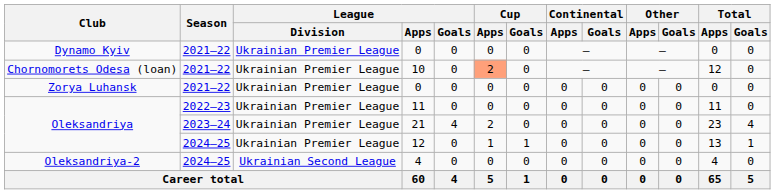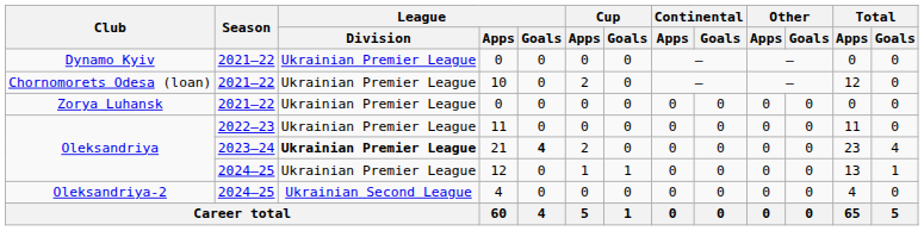 <table class="wikitable" style="text-align:center">
 <tr>
 <th rowspan="2">Club</th>
 <th rowspan="2">Season</th>
 <th colspan="3">League</th>
 <th colspan="2">Cup</th>
 <th colspan="2">Continental</th>
 <th colspan="2">Other</th>
 <th colspan="2">Total</th>
 </tr>
 <tr>
 <th>Division</th>
 <th>Apps</th>
 <th>Goals</th>
 <th>Apps</th>
 <th>Goals</th>
 <th>Apps</th>
 <th>Goals</th>
 <th>Apps</th>
 <th>Goals</th>
 <th>Apps</th>
 <th>Goals</th>
 </tr>
 <tr>
 <td><a href='#'>Dynamo Kyiv</a></td>
 <td><a href='#'>2021–22</a></td>
 <td><a href='#'>Ukrainian Premier League</a></td>
 <td>0</td>
 <td>0</td>
 <td>0</td>
 <td>0</td>
 <td colspan="2">—</td>
 <td colspan="2">—</td>
 <td>0</td>
 <td>0</td>
 </tr>
 <tr>
 <td><a href='#'>Chornomorets Odesa</a> (loan)</td>
 <td><a href='#'>2021–22</a></td>
 <td>Ukrainian Premier League</td>
 <td>10</td>
 <td>0</td>
-<td style="background: lightsalmon;">2</td>
+<td>2</td>
 <td>0</td>
 <td colspan="2">—</td>
 <td colspan="2">—</td>
 <td>12</td>
 <td>0</td>
 </tr>
 <tr>
 <td><a href='#'>Zorya Luhansk</a></td>
 <td><a href='#'>2021–22</a></td>
 <td>Ukrainian Premier League</td>
 <td>0</td>
 <td>0</td>
 <td>0</td>
 <td>0</td>
 <td>0</td>
 <td>0</td>
 <td>0</td>
 <td>0</td>
 <td>0</td>
 <td>0</td>
 </tr>
 <tr>
 <td rowspan="3"><a href='#'>Oleksandriya</a></td>
 <td><a href='#'>2022–23</a></td>
 <td>Ukrainian Premier League</td>
 <td>11</td>
 <td>0</td>
 <td>0</td>
 <td>0</td>
 <td>0</td>
 <td>0</td>
 <td>0</td>
 <td>0</td>
 <td>11</td>
 <td>0</td>
 </tr>
 <tr>
 <td><a href='#'>2023–24</a></td>
-<td>Ukrainian Premier League</td>
+<td><strong>Ukrainian Premier League</strong></td>
 <td>21</td>
-<td>4</td>
+<td><strong>4</strong></td>
 <td>2</td>
 <td>0</td>
 <td>0</td>
 <td>0</td>
 <td>0</td>
 <td>0</td>
 <td>23</td>
 <td>4</td>
 </tr>
 <tr>
 <td><a href='#'>2024–25</a></td>
 <td>Ukrainian Premier League</td>
 <td>12</td>
 <td>0</td>
 <td>1</td>
 <td>1</td>
 <td>0</td>
 <td>0</td>
 <td>0</td>
 <td>0</td>
 <td>13</td>
 <td>1</td>
 </tr>
 <tr>
 <td rowspan="1"><a href='#'>Oleksandriya-2</a></td>
 <td><a href='#'>2024–25</a></td>
 <td><a href='#'>Ukrainian Second League</a></td>
 <td>4</td>
 <td>0</td>
 <td>0</td>
 <td>0</td>
 <td>0</td>
 <td>0</td>
 <td>0</td>
 <td>0</td>
 <td>4</td>
 <td>0</td>
 </tr>
 <tr>
 <th colspan="3">Career total</th>
 <th>60</th>
 <th>4</th>
 <th>5</th>
 <th>1</th>
 <th>0</th>
 <th>0</th>
 <th>0</th>
 <th>0</th>
 <th>65</th>
 <th>5</th>
 </tr>
 </table>
